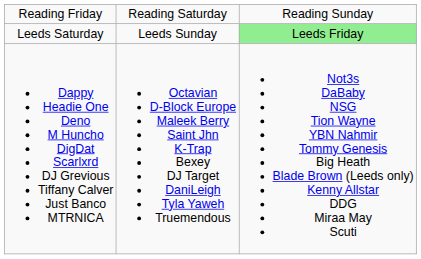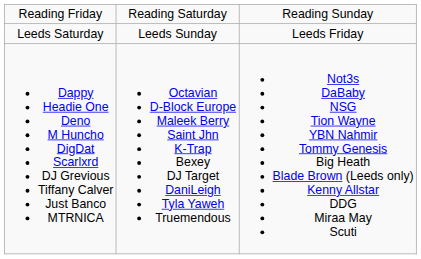 <table class="wikitable" style="text-align:center;">
 <tr>
 <td>Reading Friday</td>
 <td>Reading Saturday</td>
 <td>Reading Sunday</td>
 </tr>
 <tr>
 <td>Leeds Saturday</td>
 <td>Leeds Sunday</td>
-<td style="background: lightgreen;">Leeds Friday</td>
+<td>Leeds Friday</td>
 </tr>
 <tr>
 <td><br><ul><li><a href='#'>Dappy</a></li><li><a href='#'>Headie One</a></li><li><a href='#'>Deno</a></li><li><a href='#'>M Huncho</a></li><li><a href='#'>DigDat</a></li><li><a href='#'>Scarlxrd</a></li><li>DJ Grevious</li><li>Tiffany Calver</li><li>Just Banco</li><li>MTRNICA</li></ul></td>
 <td><br><ul><li><a href='#'>Octavian</a></li><li><a href='#'>D-Block Europe</a></li><li><a href='#'>Maleek Berry</a></li><li><a href='#'>Saint Jhn</a></li><li><a href='#'>K-Trap</a></li><li>Bexey</li><li>DJ Target</li><li><a href='#'>DaniLeigh</a></li><li><a href='#'>Tyla Yaweh</a></li><li>Truemendous</li></ul></td>
 <td><br><ul><li><a href='#'>Not3s</a></li><li><a href='#'>DaBaby</a></li><li><a href='#'>NSG</a></li><li><a href='#'>Tion Wayne</a></li><li><a href='#'>YBN Nahmir</a></li><li><a href='#'>Tommy Genesis</a></li><li>Big Heath</li><li><a href='#'>Blade Brown</a> (Leeds only)</li><li><a href='#'>Kenny Allstar</a></li><li>DDG</li><li>Miraa May</li><li>Scuti</li></ul></td>
 </tr>
 </table>
